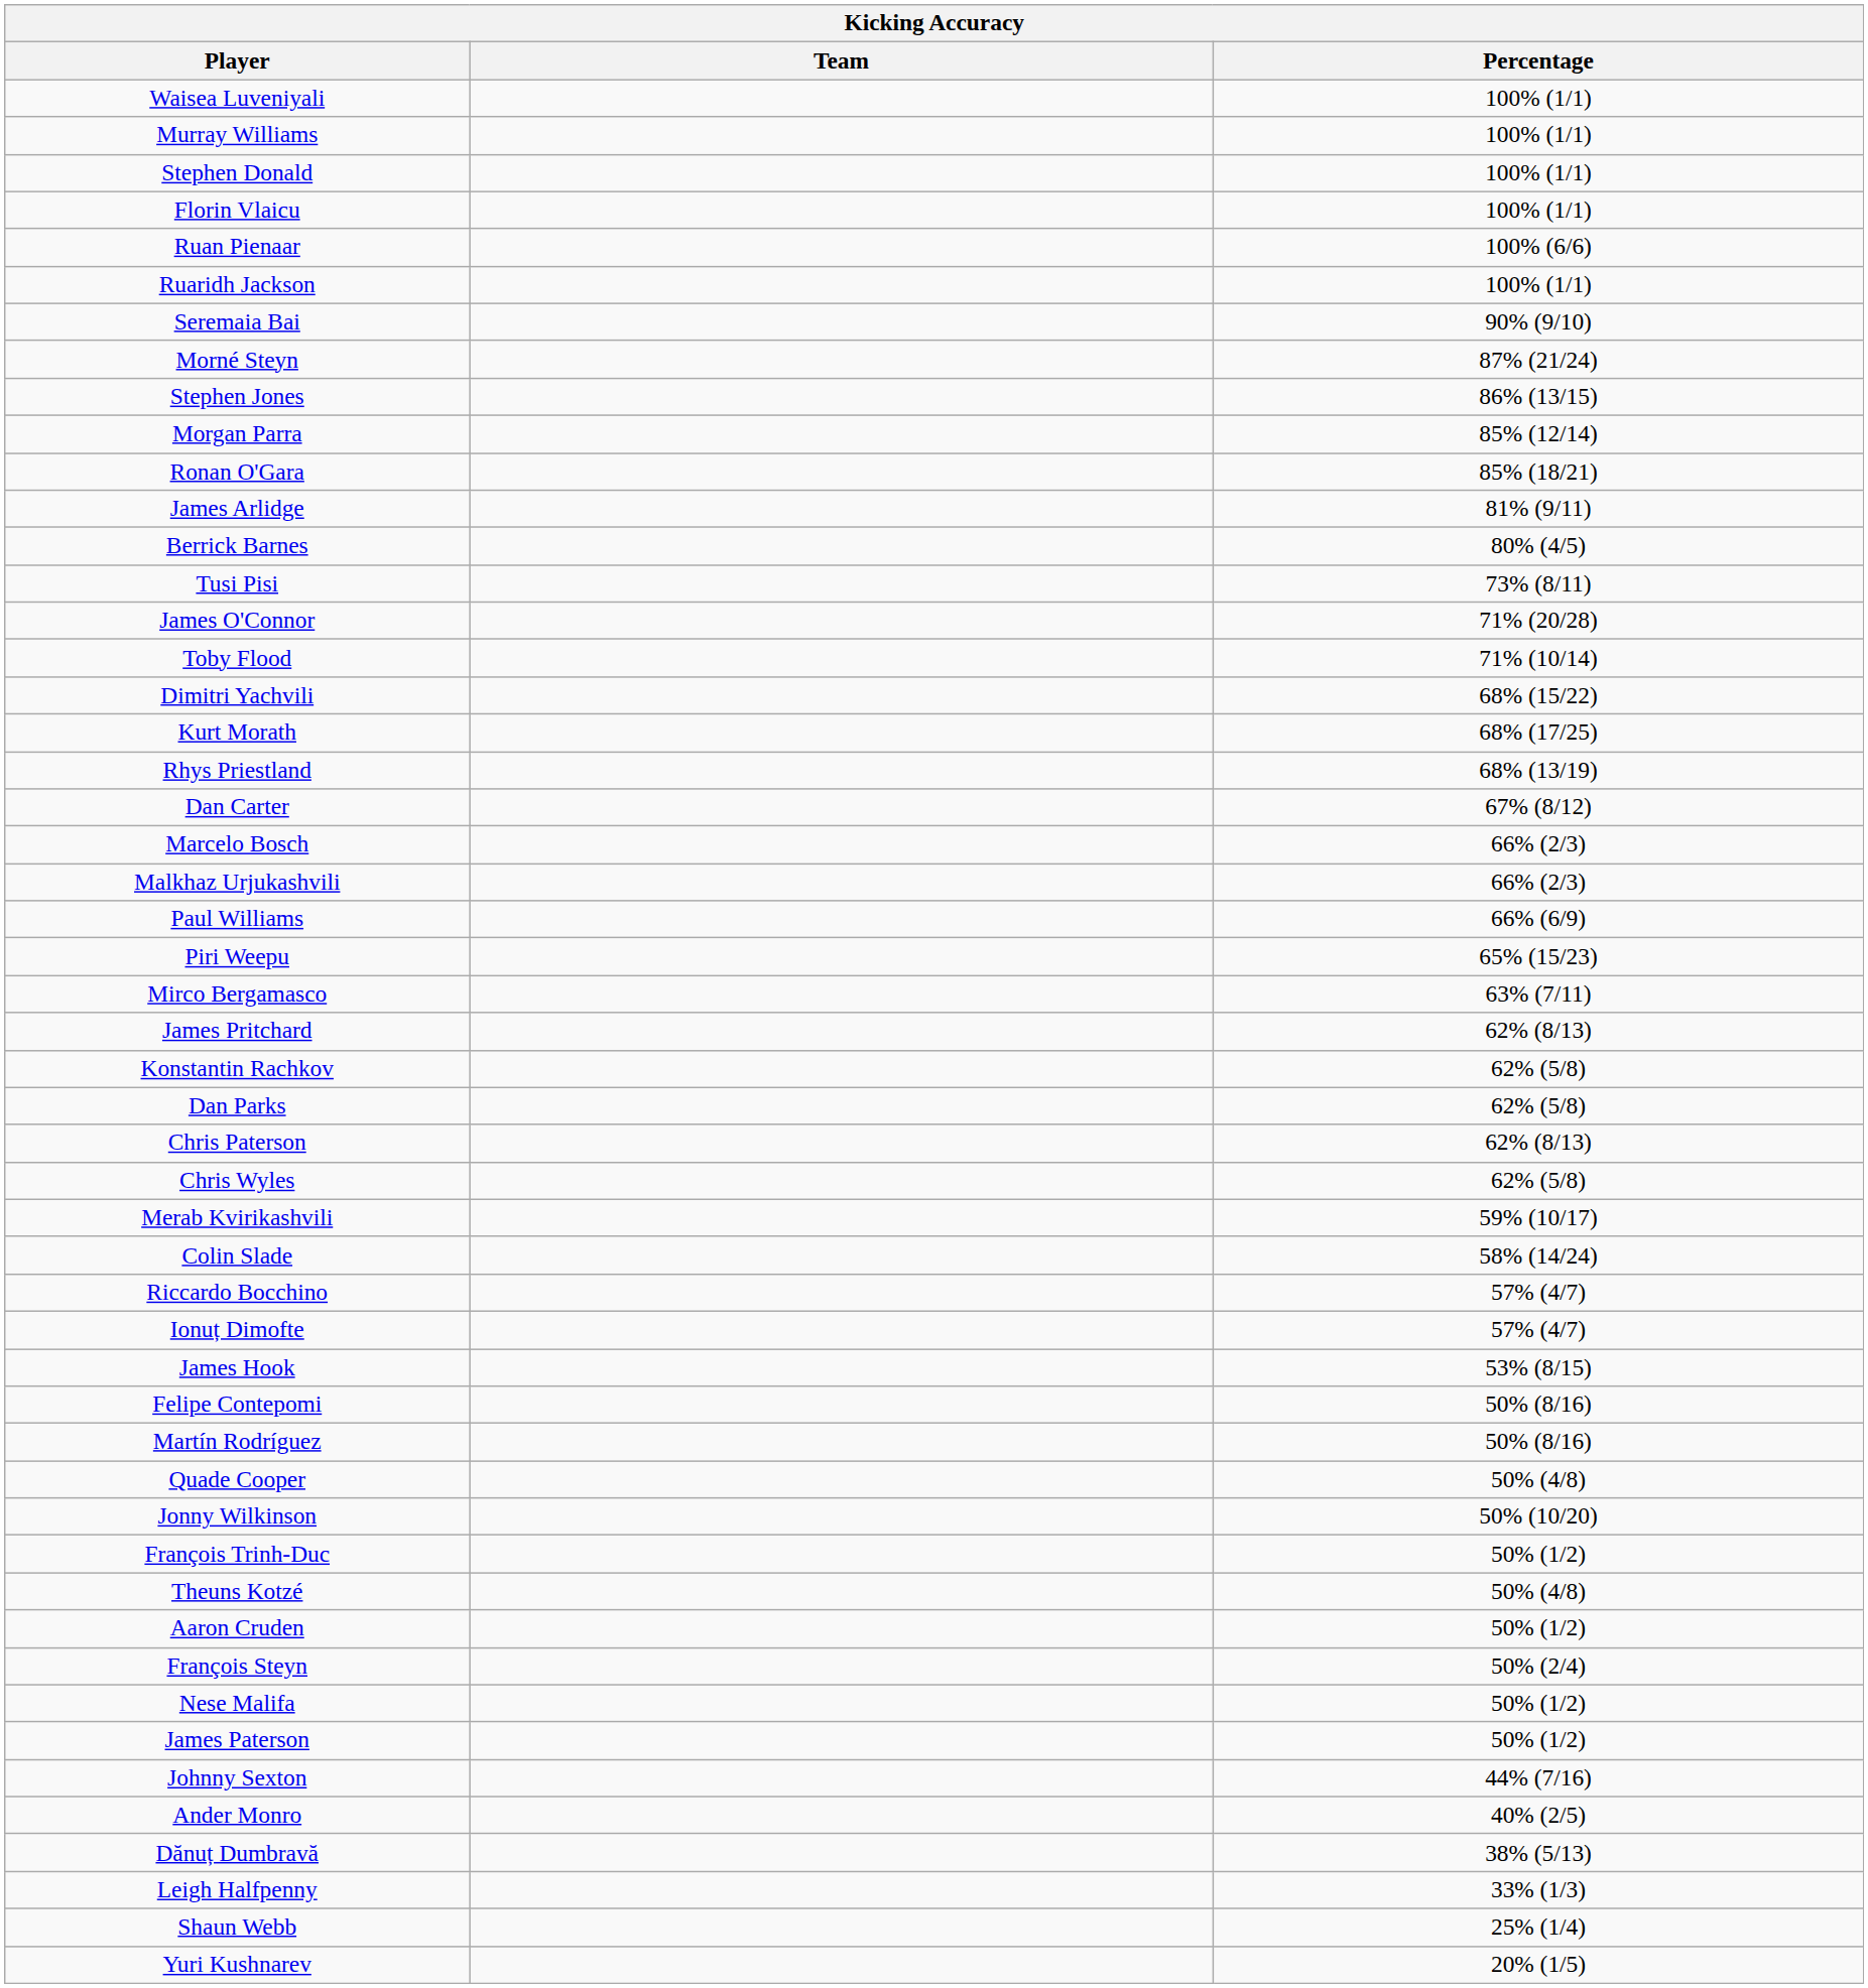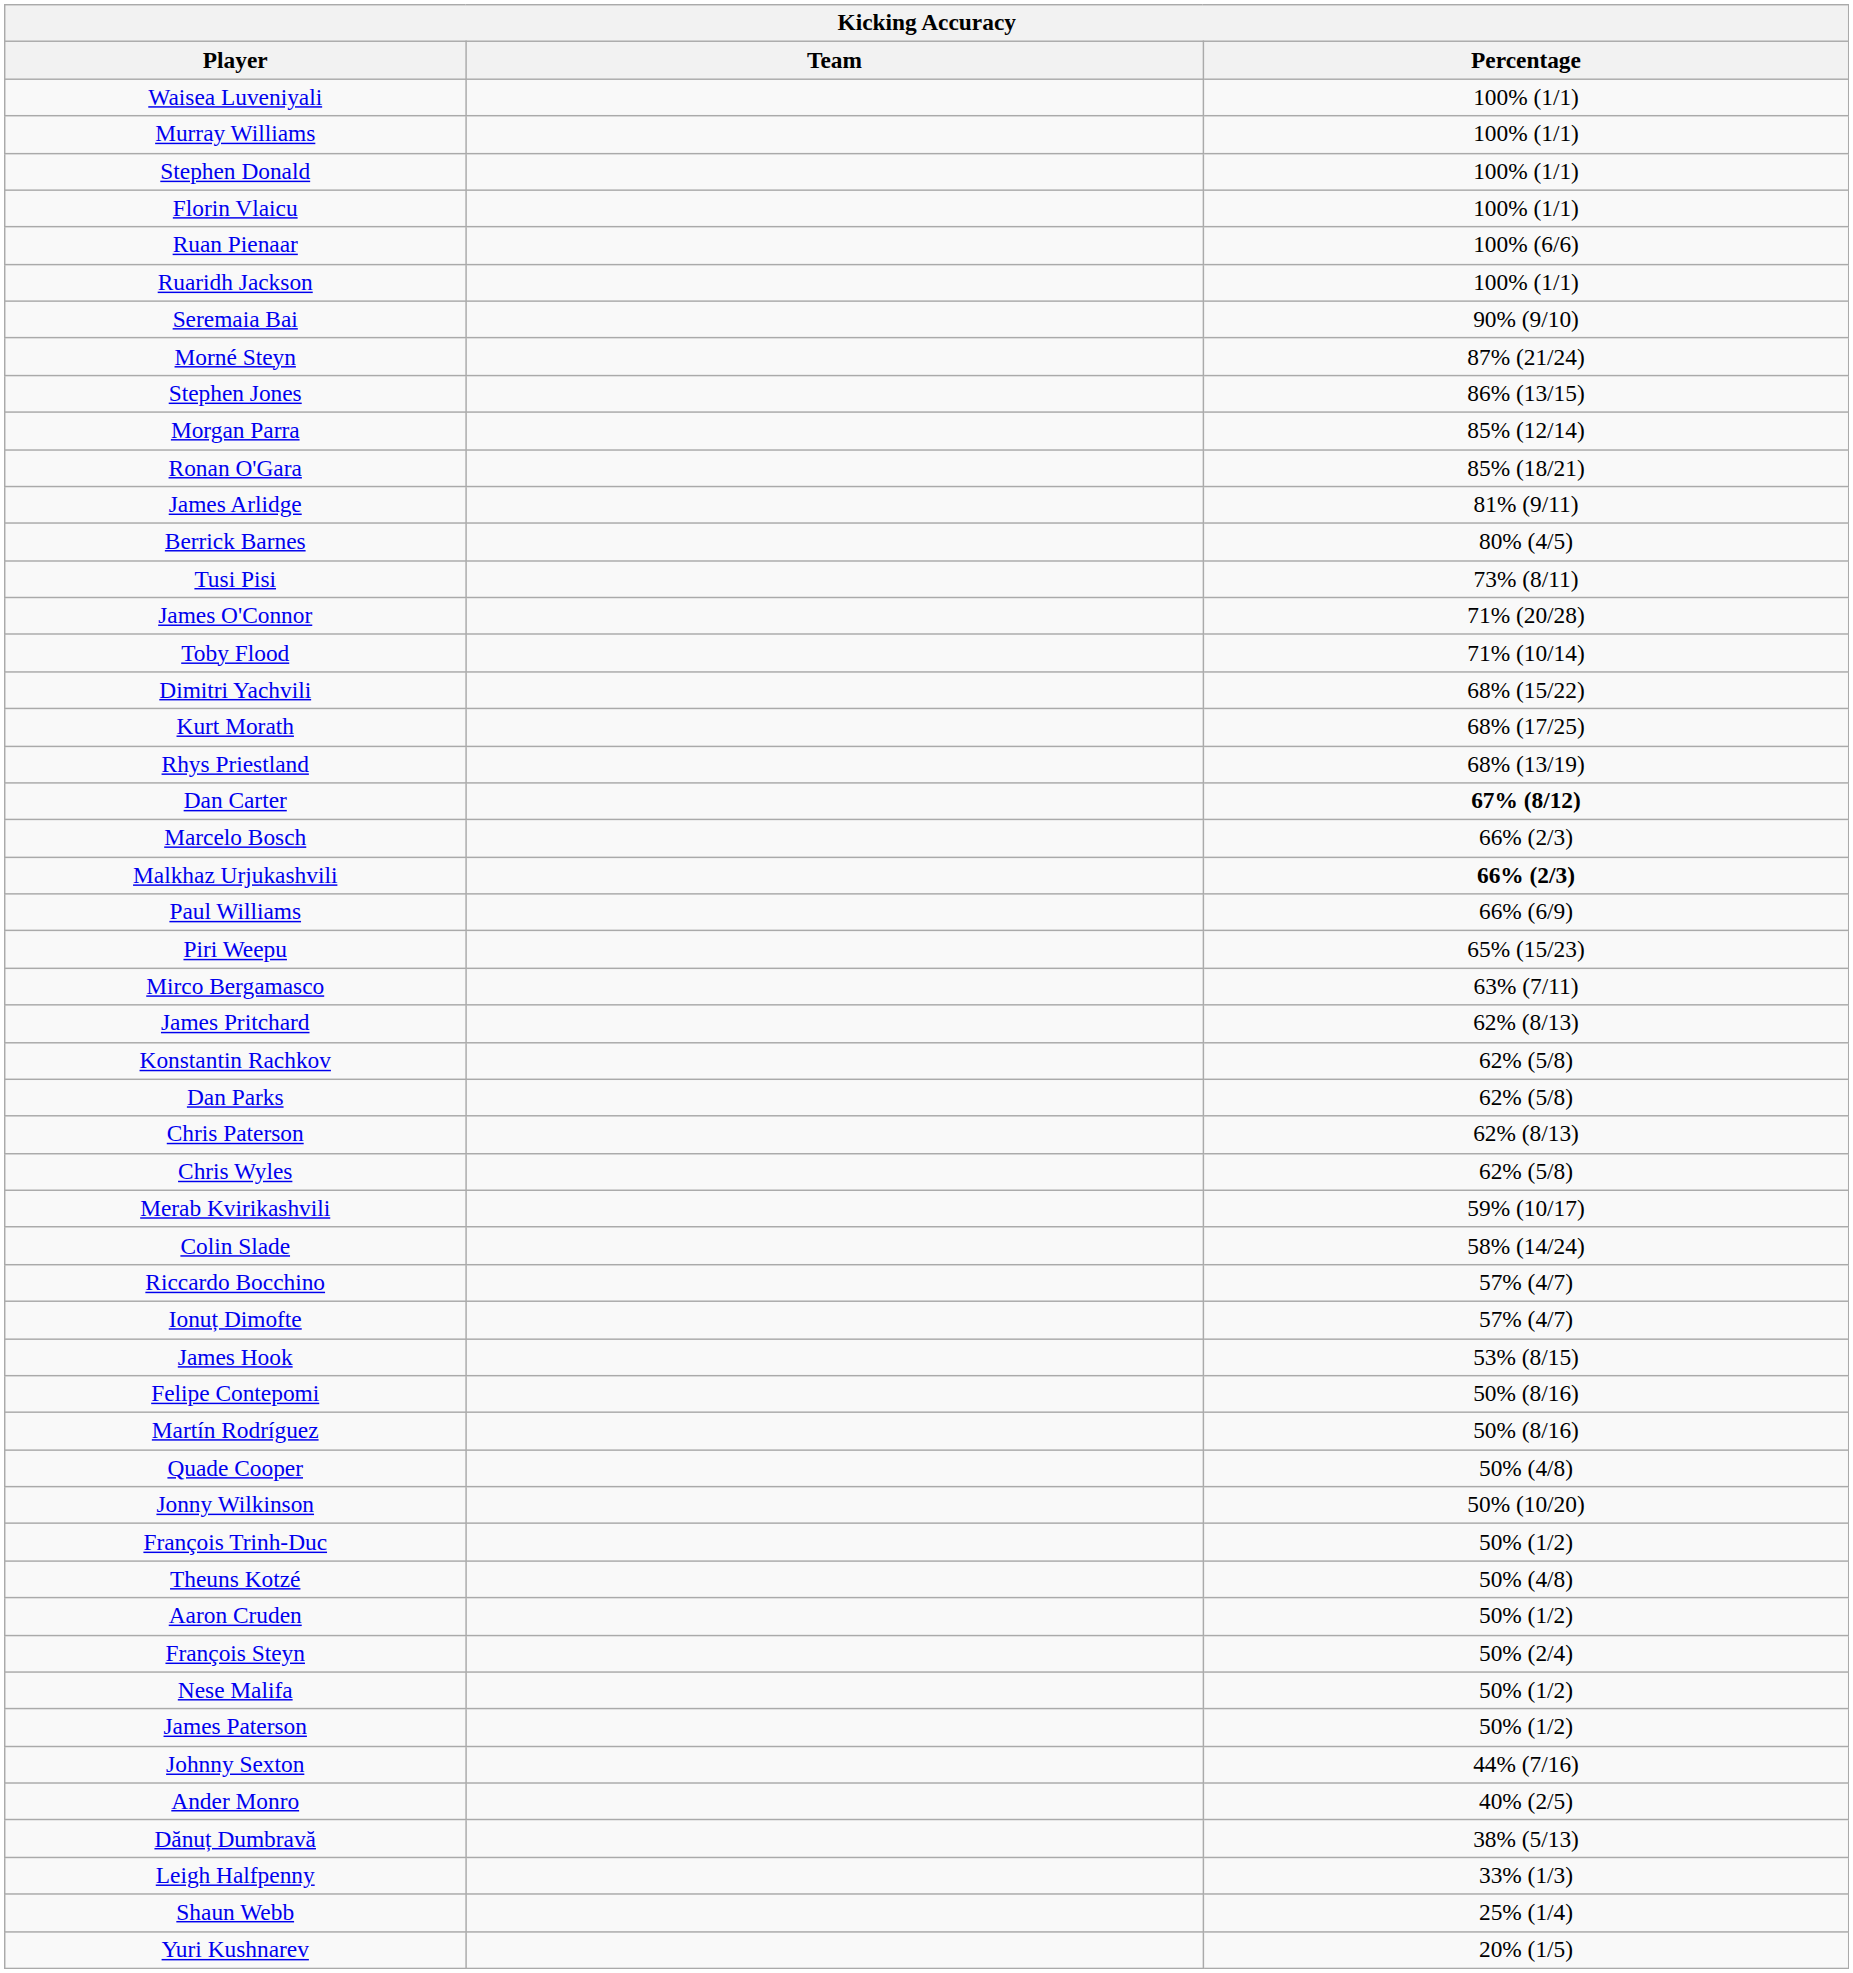 <table class="wikitable collapsible collapsed" style="text-align:center;width:100%">
 <tr>
 <th colspan=100%>Kicking Accuracy</th>
 </tr>
 <tr>
 <th rowspan="1" style="width:25%;">Player</th>
 <th rowspan="1" style="width:40%;">Team</th>
 <th rowspan="1" style="width:35%;">Percentage</th>
 </tr>
 <tr>
 <td><a href='#'>Waisea Luveniyali</a></td>
 <td align=left></td>
 <td>100% (1/1)</td>
 </tr>
 <tr>
 <td><a href='#'>Murray Williams</a></td>
 <td align=left></td>
 <td>100% (1/1)</td>
 </tr>
 <tr>
 <td><a href='#'>Stephen Donald</a></td>
 <td align=left></td>
 <td>100% (1/1)</td>
 </tr>
 <tr>
 <td><a href='#'>Florin Vlaicu</a></td>
 <td align=left></td>
 <td>100% (1/1)</td>
 </tr>
 <tr>
 <td><a href='#'>Ruan Pienaar</a></td>
 <td align=left></td>
 <td>100% (6/6)</td>
 </tr>
 <tr>
 <td><a href='#'>Ruaridh Jackson</a></td>
 <td align=left></td>
 <td>100% (1/1)</td>
 </tr>
 <tr>
 <td><a href='#'>Seremaia Bai</a></td>
 <td align=left></td>
 <td>90% (9/10)</td>
 </tr>
 <tr>
 <td><a href='#'>Morné Steyn</a></td>
 <td align=left></td>
 <td>87% (21/24)</td>
 </tr>
 <tr>
 <td><a href='#'>Stephen Jones</a></td>
 <td align=left></td>
 <td>86% (13/15)</td>
 </tr>
 <tr>
 <td><a href='#'>Morgan Parra</a></td>
 <td align=left></td>
 <td>85% (12/14)</td>
 </tr>
 <tr>
 <td><a href='#'>Ronan O'Gara</a></td>
 <td align=left></td>
 <td>85% (18/21)</td>
 </tr>
 <tr>
 <td><a href='#'>James Arlidge</a></td>
 <td align=left></td>
 <td>81% (9/11)</td>
 </tr>
 <tr>
 <td><a href='#'>Berrick Barnes</a></td>
 <td align=left></td>
 <td>80% (4/5)</td>
 </tr>
 <tr>
 <td><a href='#'>Tusi Pisi</a></td>
 <td align=left></td>
 <td>73% (8/11)</td>
 </tr>
 <tr>
 <td><a href='#'>James O'Connor</a></td>
 <td align=left></td>
 <td>71% (20/28)</td>
 </tr>
 <tr>
 <td><a href='#'>Toby Flood</a></td>
 <td align=left></td>
 <td>71% (10/14)</td>
 </tr>
 <tr>
 <td><a href='#'>Dimitri Yachvili</a></td>
 <td align=left></td>
 <td>68% (15/22)</td>
 </tr>
 <tr>
 <td><a href='#'>Kurt Morath</a></td>
 <td align=left></td>
 <td>68% (17/25)</td>
 </tr>
 <tr>
 <td><a href='#'>Rhys Priestland</a></td>
 <td align=left></td>
 <td>68% (13/19)</td>
 </tr>
 <tr>
 <td><a href='#'>Dan Carter</a></td>
 <td align=left></td>
-<td>67% (8/12)</td>
+<td><strong>67% (8/12)</strong></td>
 </tr>
 <tr>
 <td><a href='#'>Marcelo Bosch</a></td>
 <td align=left></td>
 <td>66% (2/3)</td>
 </tr>
 <tr>
 <td><a href='#'>Malkhaz Urjukashvili</a></td>
 <td align=left></td>
-<td>66% (2/3)</td>
+<td><strong>66% (2/3)</strong></td>
 </tr>
 <tr>
 <td><a href='#'>Paul Williams</a></td>
 <td align=left></td>
 <td>66% (6/9)</td>
 </tr>
 <tr>
 <td><a href='#'>Piri Weepu</a></td>
 <td align=left></td>
 <td>65% (15/23)</td>
 </tr>
 <tr>
 <td><a href='#'>Mirco Bergamasco</a></td>
 <td align=left></td>
 <td>63% (7/11)</td>
 </tr>
 <tr>
 <td><a href='#'>James Pritchard</a></td>
 <td align=left></td>
 <td>62% (8/13)</td>
 </tr>
 <tr>
 <td><a href='#'>Konstantin Rachkov</a></td>
 <td align=left></td>
 <td>62% (5/8)</td>
 </tr>
 <tr>
 <td><a href='#'>Dan Parks</a></td>
 <td align=left></td>
 <td>62% (5/8)</td>
 </tr>
 <tr>
 <td><a href='#'>Chris Paterson</a></td>
 <td align=left></td>
 <td>62% (8/13)</td>
 </tr>
 <tr>
 <td><a href='#'>Chris Wyles</a></td>
 <td align=left></td>
 <td>62% (5/8)</td>
 </tr>
 <tr>
 <td><a href='#'>Merab Kvirikashvili</a></td>
 <td align=left></td>
 <td>59% (10/17)</td>
 </tr>
 <tr>
 <td><a href='#'>Colin Slade</a></td>
 <td align=left></td>
 <td>58% (14/24)</td>
 </tr>
 <tr>
 <td><a href='#'>Riccardo Bocchino</a></td>
 <td align=left></td>
 <td>57% (4/7)</td>
 </tr>
 <tr>
 <td><a href='#'>Ionuț Dimofte</a></td>
 <td align=left></td>
 <td>57% (4/7)</td>
 </tr>
 <tr>
 <td><a href='#'>James Hook</a></td>
 <td align=left></td>
 <td>53% (8/15)</td>
 </tr>
 <tr>
 <td><a href='#'>Felipe Contepomi</a></td>
 <td align=left></td>
 <td>50% (8/16)</td>
 </tr>
 <tr>
 <td><a href='#'>Martín Rodríguez</a></td>
 <td align=left></td>
 <td>50% (8/16)</td>
 </tr>
 <tr>
 <td><a href='#'>Quade Cooper</a></td>
 <td align=left></td>
 <td>50% (4/8)</td>
 </tr>
 <tr>
 <td><a href='#'>Jonny Wilkinson</a></td>
 <td align=left></td>
 <td>50% (10/20)</td>
 </tr>
 <tr>
 <td><a href='#'>François Trinh-Duc</a></td>
 <td align=left></td>
 <td>50% (1/2)</td>
 </tr>
 <tr>
 <td><a href='#'>Theuns Kotzé</a></td>
 <td align=left></td>
 <td>50% (4/8)</td>
 </tr>
 <tr>
 <td><a href='#'>Aaron Cruden</a></td>
 <td align=left></td>
 <td>50% (1/2)</td>
 </tr>
 <tr>
 <td><a href='#'>François Steyn</a></td>
 <td align=left></td>
 <td>50% (2/4)</td>
 </tr>
 <tr>
 <td><a href='#'>Nese Malifa</a></td>
 <td align=left></td>
 <td>50% (1/2)</td>
 </tr>
 <tr>
 <td><a href='#'>James Paterson</a></td>
 <td align=left></td>
 <td>50% (1/2)</td>
 </tr>
 <tr>
 <td><a href='#'>Johnny Sexton</a></td>
 <td align=left></td>
 <td>44% (7/16)</td>
 </tr>
 <tr>
 <td><a href='#'>Ander Monro</a></td>
 <td align=left></td>
 <td>40% (2/5)</td>
 </tr>
 <tr>
 <td><a href='#'>Dănuț Dumbravă</a></td>
 <td align=left></td>
 <td>38% (5/13)</td>
 </tr>
 <tr>
 <td><a href='#'>Leigh Halfpenny</a></td>
 <td align=left></td>
 <td>33% (1/3)</td>
 </tr>
 <tr>
 <td><a href='#'>Shaun Webb</a></td>
 <td align=left></td>
 <td>25% (1/4)</td>
 </tr>
 <tr>
 <td><a href='#'>Yuri Kushnarev</a></td>
 <td align=left></td>
 <td>20% (1/5)</td>
 </tr>
 </table>
